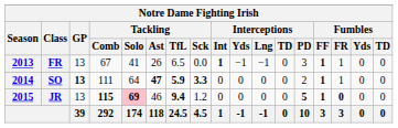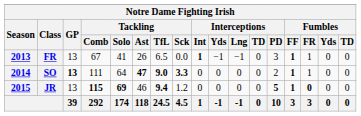 <table class=wikitable style="text-align:center;">
 <tr>
 </tr>
 <tr>
 <th colspan="17">Notre Dame Fighting Irish</th>
 </tr>
 <tr>
 <th rowspan="2">Season</th>
 <th rowspan="2">Class</th>
 <th rowspan="2">GP</th>
 <th colspan="5">Tackling</th>
 <th colspan="5">Interceptions</th>
 <th colspan="4">Fumbles</th>
 </tr>
 <tr>
 <th>Comb</th>
 <th>Solo</th>
 <th>Ast</th>
 <th>TfL</th>
 <th>Sck</th>
 <th>Int</th>
 <th>Yds</th>
 <th>Lng</th>
 <th>TD</th>
 <th>PD</th>
 <th>FF</th>
 <th>FR</th>
 <th>Yds</th>
 <th>TD</th>
 </tr>
 <tr>
 <th><a href='#'>2013</a></th>
 <th><a href='#'>FR</a></th>
 <td>13</td>
 <td>67</td>
 <td>41</td>
 <td>26</td>
 <td>6.5</td>
 <td>0.0</td>
 <td><strong>1</strong></td>
 <td>−1</td>
 <td>−1</td>
 <td>0</td>
 <td>3</td>
 <td><strong>1</strong></td>
 <td>1</td>
 <td>0</td>
 <td>0</td>
 </tr>
 <tr>
 <th><a href='#'>2014</a></th>
 <th><a href='#'>SO</a></th>
 <td><strong>13</strong></td>
 <td>111</td>
 <td>64</td>
 <td><strong>47</strong></td>
-<td><strong>5.9</strong></td>
+<td><strong>9.0</strong></td>
 <td><strong>3.3</strong></td>
 <td>0</td>
 <td>0</td>
 <td>0</td>
 <td>0</td>
 <td>2</td>
 <td><strong>1</strong></td>
 <td>1</td>
 <td>0</td>
 <td>0</td>
 </tr>
 <tr>
 <th><a href='#'>2015</a></th>
 <th><a href='#'>JR</a></th>
 <td>13</td>
 <td><strong>115</strong></td>
-<td style="background: pink;"><strong>69</strong></td>
+<td><strong>69</strong></td>
 <td>46</td>
 <td><strong>9.4</strong></td>
 <td>1.2</td>
 <td>0</td>
 <td>0</td>
 <td>0</td>
 <td>0</td>
 <td><strong>5</strong></td>
 <td><strong>1</strong></td>
 <td><strong>0</strong></td>
 <td>0</td>
 <td>0</td>
 </tr>
 <tr>
 <th colspan="2"></th>
 <th>39</th>
 <th>292</th>
 <th>174</th>
 <th>118</th>
 <th>24.5</th>
 <th>4.5</th>
 <th>1</th>
 <th>-1</th>
 <th>-1</th>
 <th>0</th>
 <th>10</th>
 <th>3</th>
 <th>3</th>
 <th>0</th>
 <th>0</th>
 </tr>
 </table>
